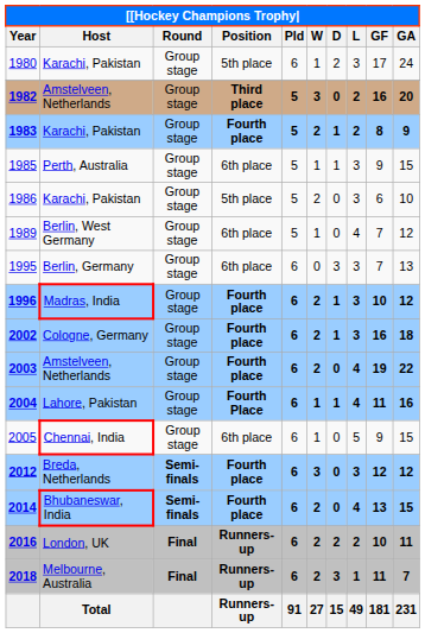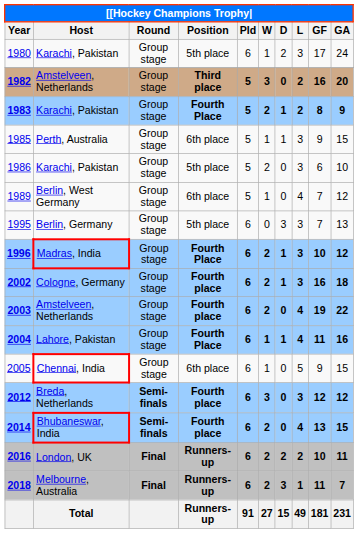 <table class="wikitable" style="text-align: center; width:85%">
 <tr>
 <th colspan=10 style="background: #0077FF;border: 2px solid #ff3300;color: #FFFFFF;">[[Hockey Champions Trophy|</th>
 </tr>
 <tr>
 <th>Year</th>
 <th>Host</th>
 <th>Round</th>
 <th>Position</th>
 <th>Pld</th>
 <th>W</th>
 <th>D</th>
 <th>L</th>
 <th>GF</th>
 <th>GA</th>
 </tr>
 <tr>
 <td><a href='#'>1980</a></td>
 <td align=left> <a href='#'>Karachi</a>, Pakistan</td>
 <td>Group stage</td>
 <td>5th place</td>
 <td>6</td>
 <td>1</td>
 <td>2</td>
 <td>3</td>
 <td>17</td>
 <td>24</td>
 </tr>
 <tr>
 </tr>
 <tr bgcolor=#CFAA88>
 <td><strong><a href='#'>1982</a></strong></td>
 <td align=left> <a href='#'>Amstelveen</a>, Netherlands</td>
 <td>Group stage</td>
 <td><strong>Third place</strong></td>
 <td><strong>5</strong></td>
 <td><strong>3</strong></td>
 <td><strong>0</strong></td>
 <td><strong>2</strong></td>
 <td><strong>16</strong></td>
 <td><strong>20</strong></td>
 </tr>
 <tr bgcolor=#9acdff>
 <td><strong><a href='#'>1983</a></strong></td>
 <td align=left> <a href='#'>Karachi</a>, Pakistan</td>
 <td>Group stage</td>
-<td><strong>Fourth place</strong></td>
+<td><strong>Fourth Place</strong></td>
 <td><strong>5</strong></td>
 <td><strong>2</strong></td>
 <td><strong>1</strong></td>
 <td><strong>2</strong></td>
 <td><strong>8</strong></td>
 <td><strong>9</strong></td>
 </tr>
 <tr>
 <td><a href='#'>1985</a></td>
 <td align=left> <a href='#'>Perth</a>, Australia</td>
 <td>Group stage</td>
 <td>6th place</td>
 <td>5</td>
 <td>1</td>
 <td>1</td>
 <td>3</td>
 <td>9</td>
 <td>15</td>
 </tr>
 <tr>
 <td><a href='#'>1986</a></td>
 <td align=left> <a href='#'>Karachi</a>, Pakistan</td>
 <td>Group stage</td>
 <td>5th place</td>
 <td>5</td>
 <td>2</td>
 <td>0</td>
 <td>3</td>
 <td>6</td>
 <td>10</td>
 </tr>
 <tr>
 <td><a href='#'>1989</a></td>
 <td align=left> <a href='#'>Berlin</a>, West Germany</td>
 <td>Group stage</td>
 <td>6th place</td>
 <td>5</td>
 <td>1</td>
 <td>0</td>
 <td>4</td>
 <td>7</td>
 <td>12</td>
 </tr>
 <tr>
 <td><a href='#'>1995</a></td>
 <td align=left> <a href='#'>Berlin</a>, Germany</td>
 <td>Group stage</td>
-<td>6th place</td>
+<td>5th place</td>
 <td>6</td>
 <td>0</td>
 <td>3</td>
 <td>3</td>
 <td>7</td>
 <td>13</td>
 </tr>
 <tr bgcolor=#9acdff>
 <td><strong><a href='#'>1996</a></strong></td>
 <td style="border: 3px solid red"align=left> <a href='#'>Madras</a>, India</td>
 <td>Group stage</td>
-<td><strong>Fourth place</strong></td>
+<td><strong>Fourth Place</strong></td>
 <td><strong>6</strong></td>
 <td><strong>2</strong></td>
 <td><strong>1</strong></td>
 <td><strong>3</strong></td>
 <td><strong>10</strong></td>
 <td><strong>12</strong></td>
 </tr>
 <tr bgcolor=#9acdff>
 <td><strong><a href='#'>2002</a></strong></td>
 <td align=left> <a href='#'>Cologne</a>, Germany</td>
 <td>Group stage</td>
 <td><strong>Fourth place</strong></td>
 <td><strong>6</strong></td>
 <td><strong>2</strong></td>
 <td><strong>1</strong></td>
 <td><strong>3</strong></td>
 <td><strong>16</strong></td>
 <td><strong>18</strong></td>
 </tr>
 <tr bgcolor=#9acdff>
 <td><strong><a href='#'>2003</a></strong></td>
 <td align=left> <a href='#'>Amstelveen</a>, Netherlands</td>
 <td>Group stage</td>
 <td><strong>Fourth place</strong></td>
 <td><strong>6</strong></td>
 <td><strong>2</strong></td>
 <td><strong>0</strong></td>
 <td><strong>4</strong></td>
 <td><strong>19</strong></td>
 <td><strong>22</strong></td>
 </tr>
 <tr bgcolor=#9acdff>
 <td><strong><a href='#'>2004</a></strong></td>
 <td align=left> <a href='#'>Lahore</a>, Pakistan</td>
 <td>Group stage</td>
 <td><strong>Fourth Place</strong></td>
 <td><strong>6</strong></td>
 <td><strong>1</strong></td>
 <td><strong>1</strong></td>
 <td><strong>4</strong></td>
 <td><strong>11</strong></td>
 <td><strong>16</strong></td>
 </tr>
 <tr>
 <td><a href='#'>2005</a></td>
 <td style="border: 3px solid red"align=left> <a href='#'>Chennai</a>, India</td>
 <td>Group stage</td>
 <td>6th place</td>
 <td>6</td>
 <td>1</td>
 <td>0</td>
 <td>5</td>
 <td>9</td>
 <td>15</td>
 </tr>
 <tr bgcolor=#9acdff>
 <td><strong><a href='#'>2012</a></strong></td>
 <td align=left> <a href='#'>Breda</a>, Netherlands</td>
 <td><strong>Semi-finals</strong></td>
 <td><strong>Fourth place</strong></td>
 <td><strong>6</strong></td>
 <td><strong>3</strong></td>
 <td><strong>0</strong></td>
 <td><strong>3</strong></td>
 <td><strong>12</strong></td>
 <td><strong>12</strong></td>
 </tr>
 <tr bgcolor=#9acdff>
 <td><strong><a href='#'>2014</a></strong></td>
 <td style="border: 3px solid red"align=left> <a href='#'>Bhubaneswar</a>, India</td>
 <td><strong>Semi-finals</strong></td>
 <td><strong>Fourth place</strong></td>
 <td><strong>6</strong></td>
 <td><strong>2</strong></td>
 <td><strong>0</strong></td>
 <td><strong>4</strong></td>
 <td><strong>13</strong></td>
 <td><strong>15</strong></td>
 </tr>
 <tr bgcolor=silver>
 <td><strong><a href='#'>2016</a></strong></td>
 <td align=left> <a href='#'>London</a>, UK</td>
 <td><strong>Final</strong></td>
 <td><strong>Runners-up</strong></td>
 <td><strong>6</strong></td>
 <td><strong>2</strong></td>
 <td><strong>2</strong></td>
 <td><strong>2</strong></td>
 <td><strong>10</strong></td>
 <td><strong>11</strong></td>
 </tr>
 <tr bgcolor=silver>
 <td><strong><a href='#'>2018</a></strong></td>
 <td align=left> <a href='#'>Melbourne</a>, Australia</td>
 <td><strong>Final</strong></td>
 <td><strong>Runners-up</strong></td>
 <td><strong>6</strong></td>
 <td><strong>2</strong></td>
 <td><strong>3</strong></td>
 <td><strong>1</strong></td>
 <td><strong>11</strong></td>
 <td><strong>7</strong></td>
 </tr>
 <tr>
 <th></th>
 <th>Total</th>
 <th></th>
 <th>Runners-up</th>
 <th>91</th>
 <th>27</th>
 <th>15</th>
 <th>49</th>
 <th>181</th>
 <th>231</th>
 </tr>
 </table>
